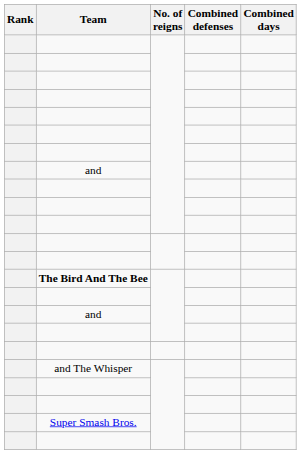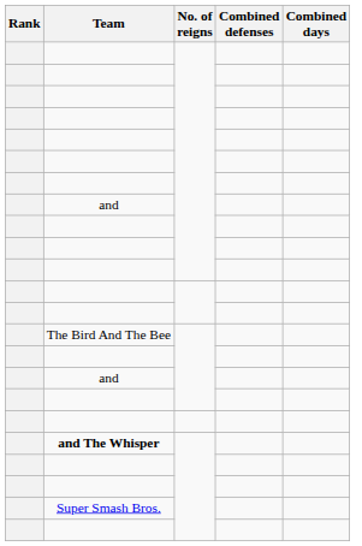 <table class="wikitable sortable" style="text-align: center">
 <tr>
 <th>Rank</th>
 <th>Team</th>
 <th>No. of<br>reigns</th>
 <th>Combined<br>defenses</th>
 <th>Combined<br>days</th>
 </tr>
 <tr>
 <th></th>
 <td><br></td>
 <td rowspan=11></td>
 <td></td>
 <td></td>
 </tr>
 <tr>
 <th></th>
 <td><br></td>
 <td></td>
 <td></td>
 </tr>
 <tr>
 <th></th>
 <td><br></td>
 <td></td>
 <td></td>
 </tr>
 <tr>
 <th></th>
 <td><br></td>
 <td></td>
 <td></td>
 </tr>
 <tr>
 <th></th>
 <td><br></td>
 <td></td>
 <td></td>
 </tr>
 <tr>
 <th></th>
 <td><br></td>
 <td></td>
 <td></td>
 </tr>
 <tr>
 <th></th>
 <td><br></td>
 <td></td>
 <td></td>
 </tr>
 <tr>
 <th></th>
 <td> and </td>
 <td></td>
 <td></td>
 </tr>
 <tr>
 <th></th>
 <td><br></td>
 <td></td>
 <td></td>
 </tr>
 <tr>
 <th></th>
 <td><br></td>
 <td></td>
 <td></td>
 </tr>
 <tr>
 <th></th>
 <td><br></td>
 <td></td>
 <td></td>
 </tr>
 <tr>
 <th></th>
 <td><br></td>
 <td rowspan=2></td>
 <td></td>
 <td></td>
 </tr>
 <tr>
 <th></th>
 <td><br></td>
 <td></td>
 <td></td>
 </tr>
 <tr>
 <th></th>
-<td><strong>The Bird And The Bee  <br></strong></td>
+<td>The Bird And The Bee  <br></td>
 <td rowspan=4></td>
 <td></td>
 <td {{sort></td>
 </tr>
 <tr>
 <th></th>
 <td> <br></td>
 <td></td>
 <td></td>
 </tr>
 <tr>
 <th></th>
 <td> and </td>
 <td></td>
 <td></td>
 </tr>
 <tr>
 <th></th>
 <td><br></td>
 <td></td>
 <td></td>
 </tr>
 <tr>
 <th></th>
 <td><br></td>
 <td></td>
 <td></td>
 <td></td>
 </tr>
 <tr>
 <th></th>
-<td> and The Whisper</td>
+<td><strong> and The Whisper</strong></td>
 <td rowspan=5></td>
 <td></td>
 <td></td>
 </tr>
 <tr>
 <th></th>
 <td><br></td>
 <td></td>
 <td></td>
 </tr>
 <tr>
 <th></th>
 <td><br></td>
 <td></td>
 <td></td>
 </tr>
 <tr>
 <th></th>
 <td><a href='#'>Super Smash Bros.</a><br></td>
 <td></td>
 <td></td>
 </tr>
 <tr>
 <th></th>
 <td><br></td>
 <td></td>
 <td></td>
 </tr>
 </table>
